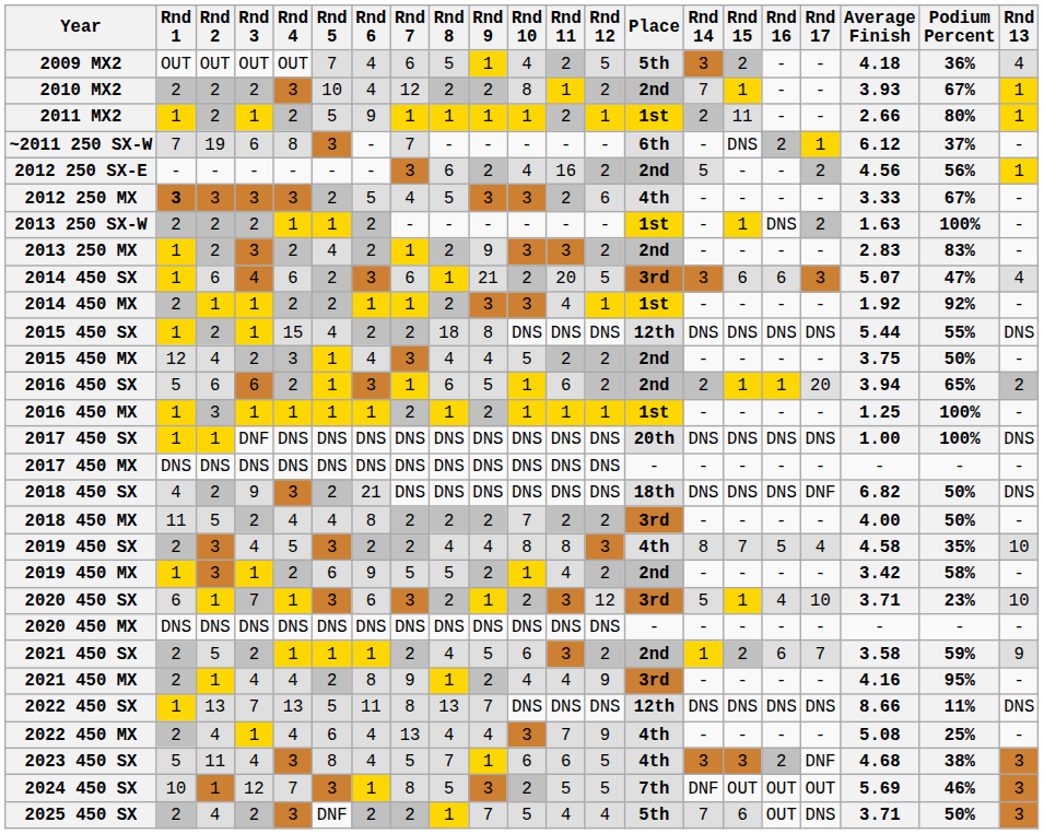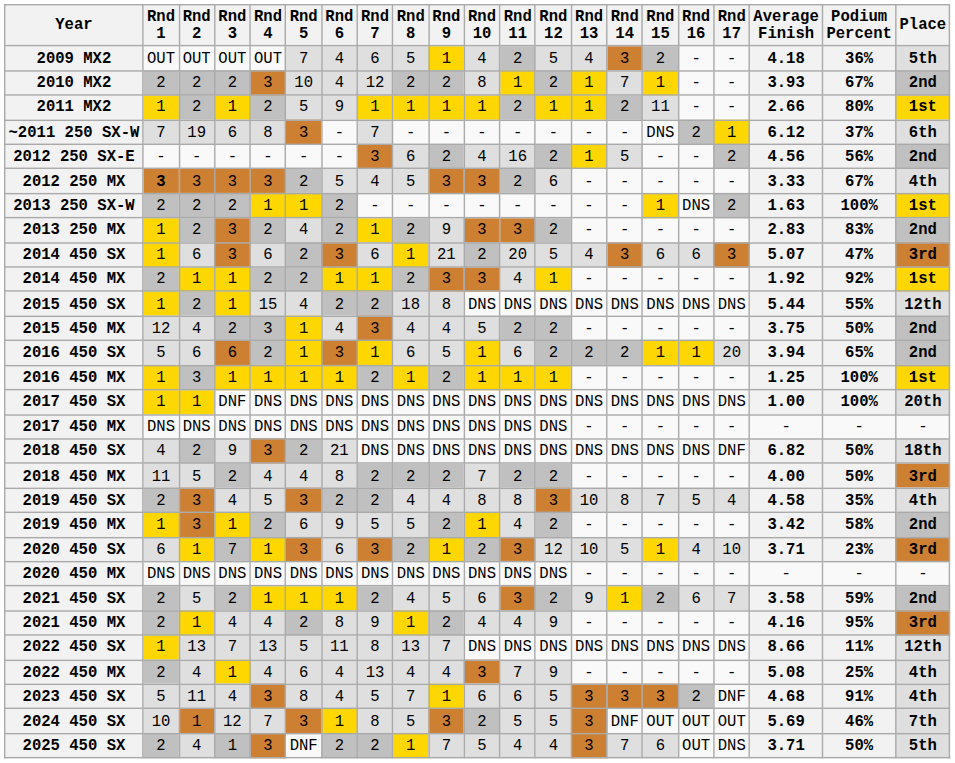 <table class="wikitable" style="font-size: 85%; text-align:center">
 <tr valign="top">
 <th valign="middle">Year</th>
 <th>Rnd<br>1</th>
 <th>Rnd<br>2</th>
 <th>Rnd<br>3</th>
 <th>Rnd<br>4</th>
 <th>Rnd<br>5</th>
 <th>Rnd<br>6</th>
 <th>Rnd<br>7</th>
 <th>Rnd<br>8</th>
 <th>Rnd<br>9</th>
 <th>Rnd<br>10</th>
 <th>Rnd<br>11</th>
 <th>Rnd<br>12</th>
-<th valign="middle">Place</th>
+<th>Rnd<br>13</th>
 <th>Rnd<br>14</th>
 <th>Rnd<br>15</th>
 <th>Rnd<br>16</th>
 <th>Rnd<br>17</th>
 <th valign="middle">Average<br>Finish</th>
 <th valign="middle">Podium<br>Percent</th>
-<th>Rnd<br>13</th>
+<th valign="middle">Place</th>
 </tr>
 <tr>
 <th>2009 MX2</th>
 <td>OUT</td>
 <td>OUT</td>
 <td>OUT</td>
 <td>OUT</td>
 <td style="background:#dfdfdf;">7</td>
 <td style="background:#dfdfdf;">4</td>
 <td style="background:#dfdfdf;">6</td>
 <td style="background:#dfdfdf;">5</td>
 <td style="background: gold;">1</td>
 <td style="background:#dfdfdf;">4</td>
 <td style="background: silver;">2</td>
 <td style="background:#dfdfdf;">5</td>
-<th style="background:#dfdfdf;">5th</th>
+<td style="background:#dfdfdf;">4</td>
 <td style="background:#CD7F32;">3</td>
 <td style="background: silver;">2</td>
 <td>-</td>
 <td>-</td>
 <th>4.18</th>
 <th>36%</th>
-<td style="background:#dfdfdf;">4</td>
+<th style="background:#dfdfdf;">5th</th>
 </tr>
 <tr>
 <th>2010 MX2</th>
 <td style="background: silver;">2</td>
 <td style="background: silver;">2</td>
 <td style="background: silver;">2</td>
 <td style="background:#CD7F32;">3</td>
 <td style="background:#dfdfdf;">10</td>
 <td style="background:#dfdfdf;">4</td>
 <td style="background:#dfdfdf;">12</td>
 <td style="background: silver;">2</td>
 <td style="background: silver;">2</td>
 <td style="background:#dfdfdf;">8</td>
 <td style="background: gold;">1</td>
 <td style="background: silver;">2</td>
-<th style="background: silver;">2nd</th>
+<td style="background: gold;">1</td>
 <td style="background:#dfdfdf;">7</td>
 <td style="background: gold;">1</td>
 <td>-</td>
 <td>-</td>
 <th>3.93</th>
 <th>67%</th>
-<td style="background: gold;">1</td>
+<th style="background: silver;">2nd</th>
 </tr>
 <tr>
 <th>2011 MX2</th>
 <td style="background: gold;">1</td>
 <td style="background: silver;">2</td>
 <td style="background: gold;">1</td>
 <td style="background: silver;">2</td>
 <td style="background:#dfdfdf;">5</td>
 <td style="background:#dfdfdf;">9</td>
 <td style="background: gold;">1</td>
 <td style="background: gold;">1</td>
 <td style="background: gold;">1</td>
 <td style="background: gold;">1</td>
 <td style="background: silver;">2</td>
 <td style="background: gold;">1</td>
-<th style="background: gold;">1st</th>
+<td style="background: gold;">1</td>
 <td style="background: silver;">2</td>
 <td style="background:#dfdfdf;">11</td>
 <td>-</td>
 <td>-</td>
 <th>2.66</th>
 <th>80%</th>
-<td style="background: gold;">1</td>
+<th style="background: gold;">1st</th>
 </tr>
 <tr>
 <th>~2011 250 SX-W</th>
 <td style="background:#dfdfdf;">7</td>
 <td style="background:#dfdfdf;">19</td>
 <td style="background:#dfdfdf;">6</td>
 <td style="background:#dfdfdf;">8</td>
 <td style="background:#CD7F32;">3</td>
 <td>-</td>
 <td style="background:#dfdfdf;">7</td>
 <td>-</td>
 <td>-</td>
 <td>-</td>
 <td>-</td>
 <td>-</td>
-<th style="background:#dfdfdf;">6th</th>
+<td>-</td>
 <td>-</td>
 <td>DNS</td>
 <td style="background: silver;">2</td>
 <td style="background: gold;">1</td>
 <th>6.12</th>
 <th>37%</th>
-<td>-</td>
+<th style="background:#dfdfdf;">6th</th>
 </tr>
 <tr>
 <th>2012 250 SX-E</th>
 <td>-</td>
 <td>-</td>
 <td>-</td>
 <td>-</td>
 <td>-</td>
 <td>-</td>
 <td style="background:#CD7F32;">3</td>
 <td style="background:#dfdfdf;">6</td>
 <td style="background: silver;">2</td>
 <td style="background:#dfdfdf;">4</td>
 <td style="background:#dfdfdf;">16</td>
 <td style="background: silver;">2</td>
-<th style="background: silver;">2nd</th>
+<td style="background: gold;">1</td>
 <td style="background:#dfdfdf;">5</td>
 <td>-</td>
 <td>-</td>
 <td style="background: silver;">2</td>
 <th>4.56</th>
 <th>56%</th>
-<td style="background: gold;">1</td>
+<th style="background: silver;">2nd</th>
 </tr>
 <tr>
 <th>2012 250 MX</th>
 <td style="background:#CD7F32;"><strong>3</strong></td>
 <td style="background:#CD7F32;">3</td>
 <td style="background:#CD7F32;">3</td>
 <td style="background:#CD7F32;">3</td>
 <td style="background: silver;">2</td>
 <td style="background:#dfdfdf;">5</td>
 <td style="background:#dfdfdf;">4</td>
 <td style="background:#dfdfdf;">5</td>
 <td style="background:#CD7F32;">3</td>
 <td style="background:#CD7F32;">3</td>
 <td style="background: silver;">2</td>
 <td style="background:#dfdfdf;">6</td>
-<th style="background:#dfdfdf;">4th</th>
+<td>-</td>
 <td>-</td>
 <td>-</td>
 <td>-</td>
 <td>-</td>
 <th>3.33</th>
 <th>67%</th>
-<td>-</td>
+<th style="background:#dfdfdf;">4th</th>
 </tr>
 <tr>
 <th>2013 250 SX-W</th>
 <td style="background: silver;">2</td>
 <td style="background: silver;">2</td>
 <td style="background: silver;">2</td>
 <td style="background: gold;">1</td>
 <td style="background: gold;">1</td>
 <td style="background: silver;">2</td>
 <td>-</td>
 <td>-</td>
 <td>-</td>
 <td>-</td>
 <td>-</td>
 <td>-</td>
-<th style="background: gold;">1st</th>
+<td>-</td>
 <td>-</td>
 <td style="background: gold;">1</td>
 <td>DNS</td>
 <td style="background: silver;">2 </td>
 <th>1.63</th>
 <th>100%</th>
-<td>-</td>
+<th style="background: gold;">1st</th>
 </tr>
 <tr>
 <th>2013 250 MX</th>
 <td style="background: gold;">1</td>
 <td style="background: silver;">2</td>
 <td style="background:#CD7F32;">3</td>
 <td style="background: silver;">2</td>
 <td style="background:#dfdfdf;">4</td>
 <td style="background: silver;">2</td>
 <td style="background: gold;">1</td>
 <td style="background: silver;">2</td>
 <td style="background:#dfdfdf;">9</td>
 <td style="background:#CD7F32;">3</td>
 <td style="background:#CD7F32;">3</td>
 <td style="background: silver;">2</td>
-<th style="background: silver;">2nd</th>
+<td>-</td>
 <td>-</td>
 <td>-</td>
 <td>-</td>
 <td>-</td>
 <th>2.83</th>
 <th>83%</th>
-<td>-</td>
+<th style="background: silver;">2nd</th>
 </tr>
 <tr>
 <th>2014 450 SX</th>
 <td style="background: gold;">1</td>
 <td style="background:#dfdfdf;">6</td>
-<td style="background:#CD7F32;">4</td>
+<td style="background:#CD7F32;">3</td>
 <td style="background:#dfdfdf;">6</td>
 <td style="background: silver;">2</td>
 <td style="background:#CD7F32;">3</td>
 <td style="background:#dfdfdf;">6</td>
 <td style="background: gold;">1</td>
 <td style="background:#dfdfdf;">21</td>
 <td style="background: silver;">2</td>
 <td style="background:#dfdfdf;">20</td>
 <td style="background:#dfdfdf;">5</td>
-<th style="background:#CD7F32;">3rd</th>
+<td style="background:#dfdfdf;">4</td>
 <td style="background:#CD7F32;">3</td>
 <td style="background:#dfdfdf;">6</td>
 <td style="background:#dfdfdf;">6</td>
 <td style="background:#CD7F32;">3</td>
 <th>5.07</th>
 <th>47%</th>
-<td style="background:#dfdfdf;">4</td>
+<th style="background:#CD7F32;">3rd</th>
 </tr>
 <tr>
 <th>2014 450 MX</th>
 <td style="background: silver;">2</td>
 <td style="background: gold;">1</td>
 <td style="background: gold;">1</td>
 <td style="background: silver;">2</td>
 <td style="background: silver;">2</td>
 <td style="background: gold;">1</td>
 <td style="background: gold;">1</td>
 <td style="background: silver;">2</td>
 <td style="background:#CD7F32;">3</td>
 <td style="background:#CD7F32;">3</td>
 <td style="background:#dfdfdf;">4</td>
 <td style="background: gold;">1</td>
-<th style="background: gold;">1st</th>
+<td>-</td>
 <td>-</td>
 <td>-</td>
 <td>-</td>
 <td>-</td>
 <th>1.92</th>
 <th>92%</th>
-<td>-</td>
+<th style="background: gold;">1st</th>
 </tr>
 <tr>
 <th>2015 450 SX</th>
 <td style="background: gold;">1</td>
 <td style="background: silver;">2</td>
 <td style="background: gold;">1</td>
 <td style="background:#dfdfdf;">15</td>
 <td style="background:#dfdfdf;">4</td>
 <td style="background: silver;">2</td>
 <td style="background: silver;">2</td>
 <td style="background:#dfdfdf;">18</td>
 <td style="background:#dfdfdf;">8</td>
 <td>DNS</td>
 <td>DNS</td>
 <td>DNS</td>
-<th style="background:#dfdfdf;">12th</th>
+<td>DNS</td>
 <td>DNS</td>
 <td>DNS</td>
 <td>DNS</td>
 <td>DNS</td>
 <th>5.44</th>
 <th>55%</th>
-<td>DNS</td>
+<th style="background:#dfdfdf;">12th</th>
 </tr>
 <tr>
 <th>2015 450 MX</th>
 <td style="background:#dfdfdf;">12</td>
 <td style="background:#dfdfdf;">4</td>
 <td style="background: silver;">2</td>
 <td style="background: silver;">3</td>
 <td style="background: gold;">1</td>
 <td style="background:#dfdfdf;">4</td>
 <td style="background:#CD7F32;">3</td>
 <td style="background:#dfdfdf;">4</td>
 <td style="background:#dfdfdf;">4</td>
 <td style="background:#dfdfdf;">5</td>
 <td style="background: silver;">2</td>
 <td style="background: silver;">2</td>
-<th style="background: silver;">2nd</th>
+<td>-</td>
 <td>-</td>
 <td>-</td>
 <td>-</td>
 <td>-</td>
 <th>3.75</th>
 <th>50%</th>
-<td>-</td>
+<th style="background: silver;">2nd</th>
 </tr>
 <tr>
 <th>2016 450 SX</th>
 <td style="background:#dfdfdf;">5</td>
 <td style="background:#dfdfdf;">6</td>
 <td style="background:#CD7F32;">6</td>
 <td style="background: silver;">2</td>
 <td style="background: gold;">1</td>
 <td style="background:#CD7F32;">3</td>
 <td style="background: gold;">1</td>
 <td style="background:#dfdfdf;">6</td>
 <td style="background:#dfdfdf;">5</td>
 <td style="background: gold;">1</td>
 <td style="background:#dfdfdf;">6</td>
 <td style="background: silver;">2</td>
-<th style="background: silver;">2nd</th>
+<td style="background: silver;">2</td>
 <td style="background: silver;">2</td>
 <td style="background: gold;">1</td>
 <td style="background: gold;">1</td>
 <td style="background:#dfdfdf;">20 </td>
 <th>3.94</th>
 <th>65%</th>
-<td style="background: silver;">2</td>
+<th style="background: silver;">2nd</th>
 </tr>
 <tr>
 <th>2016 450 MX</th>
 <td style="background: gold;">1</td>
 <td style="background: silver;">3</td>
 <td style="background: gold;">1</td>
 <td style="background: gold;">1</td>
 <td style="background: gold;">1</td>
 <td style="background: gold;">1</td>
 <td style="background: silver;">2</td>
 <td style="background: gold;">1</td>
 <td style="background: silver;">2</td>
 <td style="background: gold;">1</td>
 <td style="background: gold;">1</td>
 <td style="background: gold;">1</td>
-<th style="background: gold;">1st</th>
+<td>-</td>
 <td>-</td>
 <td>-</td>
 <td>-</td>
 <td>-</td>
 <th>1.25</th>
 <th>100%</th>
-<td>-</td>
+<th style="background: gold;">1st</th>
 </tr>
 <tr>
 <th>2017 450 SX</th>
 <td style="background: gold;">1</td>
 <td style="background: gold;">1</td>
 <td>DNF</td>
 <td>DNS</td>
 <td>DNS</td>
 <td>DNS</td>
 <td>DNS</td>
 <td>DNS</td>
 <td>DNS</td>
 <td>DNS</td>
 <td>DNS</td>
 <td>DNS</td>
-<th style="background:#dfdfdf;">20th</th>
+<td>DNS</td>
 <td>DNS</td>
 <td>DNS</td>
 <td>DNS</td>
 <td>DNS</td>
 <th>1.00</th>
 <th>100%</th>
-<td>DNS</td>
+<th style="background:#dfdfdf;">20th</th>
 </tr>
 <tr>
 <th>2017 450 MX</th>
 <td>DNS</td>
 <td>DNS</td>
 <td>DNS</td>
 <td>DNS</td>
 <td>DNS</td>
 <td>DNS</td>
 <td>DNS</td>
 <td>DNS</td>
 <td>DNS</td>
 <td>DNS</td>
 <td>DNS</td>
 <td>DNS</td>
 <td>-</td>
 <td>-</td>
 <td>-</td>
 <td>-</td>
 <td>-</td>
 <td>-</td>
 <td>-</td>
 <td>-</td>
 </tr>
 <tr>
 <th>2018 450 SX</th>
 <td style="background:#dfdfdf;">4</td>
 <td style="background: silver;">2</td>
 <td style="background:#dfdfdf;">9</td>
 <td style="background:#CD7F32;">3</td>
 <td style="background: silver;">2</td>
 <td style="background:#dfdfdf;">21</td>
 <td>DNS</td>
 <td>DNS</td>
 <td>DNS</td>
 <td>DNS</td>
 <td>DNS</td>
 <td>DNS</td>
-<th style="background:#dfdfdf;">18th</th>
+<td>DNS</td>
 <td>DNS</td>
 <td>DNS</td>
 <td>DNS</td>
 <td>DNF</td>
 <th>6.82</th>
 <th>50%</th>
-<td>DNS</td>
+<th style="background:#dfdfdf;">18th</th>
 </tr>
 <tr>
 <th>2018 450 MX</th>
 <td style="background:#dfdfdf;">11</td>
 <td style="background:#dfdfdf;">5</td>
 <td style="background: silver;">2</td>
 <td style="background:#dfdfdf;">4</td>
 <td style="background:#dfdfdf;">4</td>
 <td style="background:#dfdfdf;">8</td>
 <td style="background: silver;">2</td>
 <td style="background: silver;">2</td>
 <td style="background: silver;">2</td>
 <td style="background:#dfdfdf;">7</td>
 <td style="background: silver;">2</td>
 <td style="background: silver;">2</td>
-<th style="background:#CD7F32;">3rd</th>
+<td>-</td>
 <td>-</td>
 <td>-</td>
 <td>-</td>
 <td>-</td>
 <th>4.00</th>
 <th>50%</th>
-<td>-</td>
+<th style="background:#CD7F32;">3rd</th>
 </tr>
 <tr>
 <th>2019 450 SX</th>
 <td style="background: silver;">2</td>
 <td style="background:#CD7F32;">3</td>
 <td style="background:#dfdfdf;">4</td>
 <td style="background:#dfdfdf;">5</td>
 <td style="background:#CD7F32;">3</td>
 <td style="background: silver;">2</td>
 <td style="background: silver;">2</td>
 <td style="background:#dfdfdf;">4</td>
 <td style="background:#dfdfdf;">4</td>
 <td style="background:#dfdfdf;">8</td>
 <td style="background:#dfdfdf;">8</td>
 <td style="background:#CD7F32;">3</td>
-<th style="background:#dfdfdf;">4th</th>
+<td style="background:#dfdfdf;">10</td>
 <td style="background:#dfdfdf;">8</td>
 <td style="background:#dfdfdf;">7</td>
 <td style="background:#dfdfdf;">5</td>
 <td style="background:#dfdfdf;">4</td>
 <th>4.58</th>
 <th>35%</th>
-<td style="background:#dfdfdf;">10</td>
+<th style="background:#dfdfdf;">4th</th>
 </tr>
 <tr>
 <th>2019 450 MX</th>
 <td style="background: gold;">1</td>
 <td style="background:#CD7F32;">3</td>
 <td style="background: gold;">1</td>
 <td style="background: silver;">2</td>
 <td style="background:#dfdfdf;">6</td>
 <td style="background:#dfdfdf;">9</td>
 <td style="background:#dfdfdf;">5</td>
 <td style="background:#dfdfdf;">5</td>
 <td style="background: silver;">2</td>
 <td style="background: gold;">1</td>
 <td style="background:#dfdfdf;">4</td>
 <td style="background: silver;">2</td>
-<th style="background: silver;">2nd</th>
+<td>-</td>
 <td>-</td>
 <td>-</td>
 <td>-</td>
 <td>-</td>
 <th>3.42</th>
 <th>58%</th>
-<td>-</td>
+<th style="background: silver;">2nd</th>
 </tr>
 <tr>
 <th>2020 450 SX</th>
 <td style="background:#dfdfdf;">6</td>
 <td style="background: gold;">1</td>
 <td style="background: silver;">7</td>
 <td style="background: gold;">1</td>
 <td style="background:#CD7F32;">3</td>
 <td style="background:#dfdfdf;">6</td>
 <td style="background:#CD7F32;">3</td>
 <td style="background: silver;">2</td>
 <td style="background: gold;">1</td>
 <td style="background: silver;">2</td>
 <td style="background:#CD7F32;">3</td>
 <td style="background:#dfdfdf;">12</td>
-<th style="background:#CD7F32;">3rd</th>
+<td style="background:#dfdfdf;">10</td>
 <td style="background:#dfdfdf;">5</td>
 <td style="background: gold;">1</td>
 <td style="background:#dfdfdf;">4</td>
 <td style="background:#dfdfdf;">10</td>
 <th>3.71</th>
 <th>23%</th>
-<td style="background:#dfdfdf;">10</td>
+<th style="background:#CD7F32;">3rd</th>
 </tr>
 <tr>
 <th>2020 450 MX</th>
 <td>DNS</td>
 <td>DNS</td>
 <td>DNS</td>
 <td>DNS</td>
 <td>DNS</td>
 <td>DNS</td>
 <td>DNS</td>
 <td>DNS</td>
 <td>DNS</td>
 <td>DNS</td>
 <td>DNS</td>
 <td>DNS</td>
 <td>-</td>
 <td>-</td>
 <td>-</td>
 <td>-</td>
 <td>-</td>
 <td>-</td>
 <td>-</td>
 <td>-</td>
 </tr>
 <tr>
 <th>2021 450 SX</th>
 <td style="background: silver;">2</td>
 <td style="background:#dfdfdf;">5</td>
 <td style="background: silver;">2</td>
 <td style="background: gold;">1</td>
 <td style="background: gold;">1</td>
 <td style="background: gold;">1</td>
 <td style="background: silver;">2</td>
 <td style="background:#dfdfdf;">4</td>
 <td style="background:#dfdfdf;">5</td>
 <td style="background:#dfdfdf;">6</td>
 <td style="background: #CD7F32;">3</td>
 <td style="background: silver;">2</td>
-<th style="background: silver;">2nd</th>
+<td style="background:#dfdfdf;">9</td>
 <td style="background: gold;">1</td>
 <td style="background: silver;">2</td>
 <td style="background:#dfdfdf;">6</td>
 <td style="background:#dfdfdf;">7</td>
 <th>3.58</th>
 <th>59%</th>
-<td style="background:#dfdfdf;">9</td>
+<th style="background: silver;">2nd</th>
 </tr>
 <tr>
 <th>2021 450 MX</th>
 <td style="background: silver;">2</td>
 <td style="background: gold;">1</td>
 <td style="background:#dfdfdf;">4</td>
 <td style="background:#dfdfdf;">4</td>
 <td style="background: silver;">2</td>
 <td style="background:#dfdfdf;">8</td>
 <td style="background:#dfdfdf;">9</td>
 <td style="background: gold;">1</td>
 <td style="background: silver;">2</td>
 <td style="background:#dfdfdf;">4</td>
 <td style="background:#dfdfdf;">4</td>
 <td style="background:#dfdfdf;">9</td>
-<th style="background:#CD7F32;">3rd</th>
+<td>-</td>
 <td>-</td>
 <td>-</td>
 <td>-</td>
 <td>-</td>
 <th>4.16</th>
 <th>95%</th>
-<td>-</td>
+<th style="background:#CD7F32;">3rd</th>
 </tr>
 <tr>
 <th>2022 450 SX</th>
 <td style="background: gold;">1</td>
 <td style="background:#dfdfdf;">13</td>
 <td style="background:#dfdfdf;">7</td>
 <td style="background:#dfdfdf;">13</td>
 <td style="background:#dfdfdf;">5</td>
 <td style="background:#dfdfdf;">11</td>
 <td style="background:#dfdfdf;">8</td>
 <td style="background:#dfdfdf;">13</td>
 <td style="background:#dfdfdf;">7</td>
 <td>DNS</td>
 <td>DNS</td>
 <td>DNS</td>
-<th style="background:#dfdfdf;">12th</th>
+<td>DNS</td>
 <td>DNS</td>
 <td>DNS</td>
 <td>DNS</td>
 <td>DNS</td>
 <th>8.66</th>
 <th>11%</th>
-<td>DNS</td>
+<th style="background:#dfdfdf;">12th</th>
 </tr>
 <tr>
 <th>2022 450 MX</th>
 <td style="background: silver;">2</td>
 <td style="background:#dfdfdf;">4</td>
 <td style="background: gold;”">1</td>
 <td style="background:#dfdfdf;">4</td>
 <td style="background:#dfdfdf;">6</td>
 <td style="background:#dfdfdf;">4</td>
 <td style="background:#dfdfdf;">13</td>
 <td style="background:#dfdfdf;">4</td>
 <td style="background:#dfdfdf;">4</td>
 <td style="background:#CD7F32;">3</td>
 <td style="background:#dfdfdf;">7</td>
 <td style="background:#dfdfdf;">9</td>
-<th style="background:#dfdfdf;">4th</th>
+<td>-</td>
 <td>-</td>
 <td>-</td>
 <td>-</td>
 <td>-</td>
 <th>5.08</th>
 <th>25%</th>
-<td>-</td>
+<th style="background:#dfdfdf;">4th</th>
 </tr>
 <tr>
 <th>2023 450 SX</th>
 <td style="background:#dfdfdf;">5</td>
 <td style="background:#dfdfdf;">11</td>
 <td style="background:#dfdfdf;">4</td>
 <td style="background:#CD7F32;">3</td>
 <td style="background:#dfdfdf;">8</td>
 <td style="background:#dfdfdf;">4</td>
 <td style="background:#dfdfdf;">5</td>
 <td style="background:#dfdfdf;">7</td>
 <td style="background: gold;">1</td>
 <td style="background:#dfdfdf;">6</td>
 <td style="background:#dfdfdf;">6</td>
 <td style="background:#dfdfdf;">5</td>
-<th style="background:#dfdfdf;">4th</th>
+<td style="background:#CD7F32;">3</td>
 <td style="background:#CD7F32;">3</td>
 <td style="background:#CD7F32;">3</td>
 <td style="background: silver;">2</td>
 <td>DNF</td>
 <th>4.68</th>
-<th>38%</th>
-<td style="background:#CD7F32;">3</td>
+<th>91%</th>
+<th style="background:#dfdfdf;">4th</th>
 </tr>
 <tr>
 <th>2024 450 SX</th>
 <td style="background:#dfdfdf;">10</td>
 <td style="background:#CD7F32;">1</td>
 <td style="background:#dfdfdf;">12</td>
 <td style="background:#dfdfdf;">7</td>
 <td style="background:#CD7F32;">3</td>
 <td style="background: gold;">1</td>
 <td style="background:#dfdfdf;">8</td>
 <td style="background:#dfdfdf;">5</td>
 <td style="background:#CD7F32;">3</td>
 <td style="background: silver;">2</td>
 <td style="background:#dfdfdf;">5</td>
 <td style="background:#dfdfdf;">5</td>
-<th style="background:#dfdfdf;">7th</th>
+<td style="background:#CD7F32;">3</td>
 <td>DNF</td>
 <td>OUT</td>
 <td>OUT</td>
 <td>OUT</td>
 <th>5.69</th>
 <th>46%</th>
-<td style="background:#CD7F32;">3</td>
+<th style="background:#dfdfdf;">7th</th>
 </tr>
 <tr>
 <th>2025 450 SX</th>
 <td style="background: silver;">2</td>
 <td style="background:#dfdfdf;">4</td>
-<td style="background: silver;">2</td>
+<td style="background: silver;">1</td>
 <td style="background:#CD7F32;">3</td>
 <td>DNF</td>
 <td style="background: silver;">2</td>
 <td style="background: silver;">2</td>
 <td style="background: gold;">1</td>
 <td style="background:#dfdfdf;">7</td>
 <td style="background:#dfdfdf;">5</td>
 <td style="background:#dfdfdf;">4</td>
 <td style="background:#dfdfdf;">4</td>
-<th style="background:#dfdfdf;">5th</th>
+<td style="background:#CD7F32;">3</td>
 <td style="background:#dfdfdf;">7</td>
 <td style="background:#dfdfdf;">6</td>
 <td>OUT</td>
 <td>DNS</td>
 <th>3.71</th>
 <th>50%</th>
-<td style="background:#CD7F32;">3</td>
+<th style="background:#dfdfdf;">5th</th>
 </tr>
 </table>
